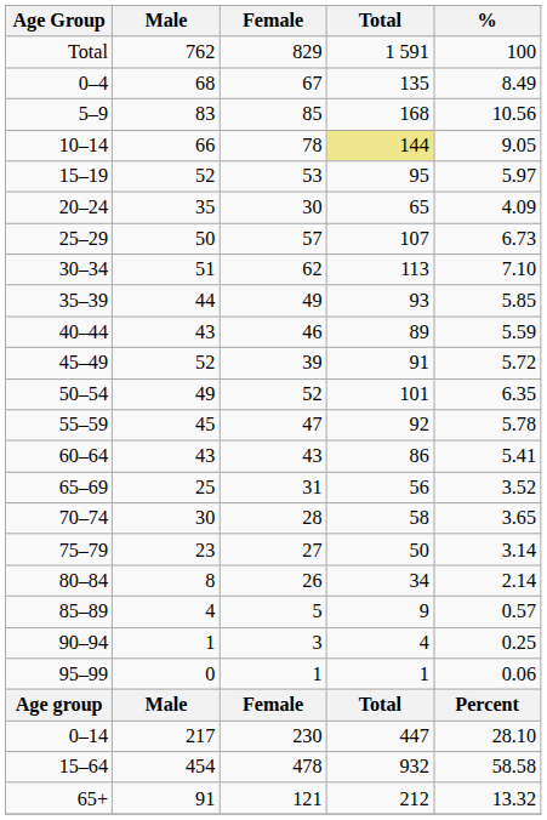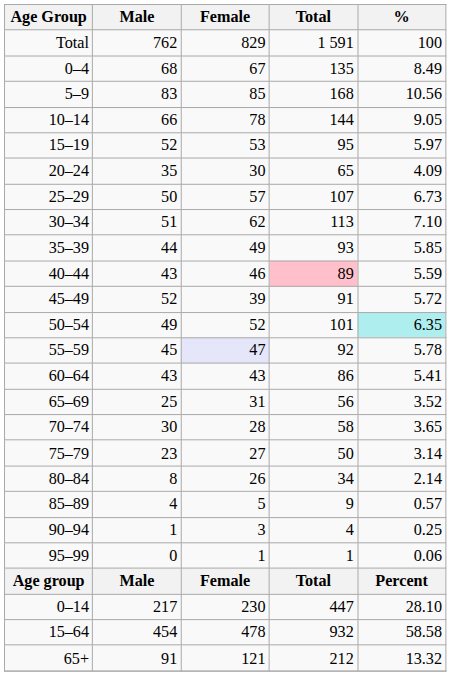 <table class="wikitable">
 <tr>
 <th width="80pt">Age Group</th>
 <th width="80pt">Male</th>
 <th width="80pt">Female</th>
 <th width="80pt">Total</th>
 <th width="80pt">%</th>
 </tr>
 <tr>
 <td align="right">Total</td>
 <td align="right">762</td>
 <td align="right">829</td>
 <td align="right">1 591</td>
 <td align="right">100</td>
 </tr>
 <tr>
 <td align="right">0–4</td>
 <td align="right">68</td>
 <td align="right">67</td>
 <td align="right">135</td>
 <td align="right">8.49</td>
 </tr>
 <tr>
 <td align="right">5–9</td>
 <td align="right">83</td>
 <td align="right">85</td>
 <td align="right">168</td>
 <td align="right">10.56</td>
 </tr>
 <tr>
 <td align="right">10–14</td>
 <td align="right">66</td>
 <td align="right">78</td>
-<td align="right" style="background: khaki;">144</td>
+<td align="right">144</td>
 <td align="right">9.05</td>
 </tr>
 <tr>
 <td align="right">15–19</td>
 <td align="right">52</td>
 <td align="right">53</td>
 <td align="right">95</td>
 <td align="right">5.97</td>
 </tr>
 <tr>
 <td align="right">20–24</td>
 <td align="right">35</td>
 <td align="right">30</td>
 <td align="right">65</td>
 <td align="right">4.09</td>
 </tr>
 <tr>
 <td align="right">25–29</td>
 <td align="right">50</td>
 <td align="right">57</td>
 <td align="right">107</td>
 <td align="right">6.73</td>
 </tr>
 <tr>
 <td align="right">30–34</td>
 <td align="right">51</td>
 <td align="right">62</td>
 <td align="right">113</td>
 <td align="right">7.10</td>
 </tr>
 <tr>
 <td align="right">35–39</td>
 <td align="right">44</td>
 <td align="right">49</td>
 <td align="right">93</td>
 <td align="right">5.85</td>
 </tr>
 <tr>
 <td align="right">40–44</td>
 <td align="right">43</td>
 <td align="right">46</td>
-<td align="right">89</td>
+<td align="right" style="background: pink;">89</td>
 <td align="right">5.59</td>
 </tr>
 <tr>
 <td align="right">45–49</td>
 <td align="right">52</td>
 <td align="right">39</td>
 <td align="right">91</td>
 <td align="right">5.72</td>
 </tr>
 <tr>
 <td align="right">50–54</td>
 <td align="right">49</td>
 <td align="right">52</td>
 <td align="right">101</td>
-<td align="right">6.35</td>
+<td align="right" style="background: paleturquoise;">6.35</td>
 </tr>
 <tr>
 <td align="right">55–59</td>
 <td align="right">45</td>
-<td align="right">47</td>
+<td align="right" style="background: lavender;">47</td>
 <td align="right">92</td>
 <td align="right">5.78</td>
 </tr>
 <tr>
 <td align="right">60–64</td>
 <td align="right">43</td>
 <td align="right">43</td>
 <td align="right">86</td>
 <td align="right">5.41</td>
 </tr>
 <tr>
 <td align="right">65–69</td>
 <td align="right">25</td>
 <td align="right">31</td>
 <td align="right">56</td>
 <td align="right">3.52</td>
 </tr>
 <tr>
 <td align="right">70–74</td>
 <td align="right">30</td>
 <td align="right">28</td>
 <td align="right">58</td>
 <td align="right">3.65</td>
 </tr>
 <tr>
 <td align="right">75–79</td>
 <td align="right">23</td>
 <td align="right">27</td>
 <td align="right">50</td>
 <td align="right">3.14</td>
 </tr>
 <tr>
 <td align="right">80–84</td>
 <td align="right">8</td>
 <td align="right">26</td>
 <td align="right">34</td>
 <td align="right">2.14</td>
 </tr>
 <tr>
 <td align="right">85–89</td>
 <td align="right">4</td>
 <td align="right">5</td>
 <td align="right">9</td>
 <td align="right">0.57</td>
 </tr>
 <tr>
 <td align="right">90–94</td>
 <td align="right">1</td>
 <td align="right">3</td>
 <td align="right">4</td>
 <td align="right">0.25</td>
 </tr>
 <tr>
 <td align="right">95–99</td>
 <td align="right">0</td>
 <td align="right">1</td>
 <td align="right">1</td>
 <td align="right">0.06</td>
 </tr>
 <tr>
 <th width="50">Age group</th>
 <th width="80pt">Male</th>
 <th width="80">Female</th>
 <th width="80">Total</th>
 <th width="50">Percent</th>
 </tr>
 <tr>
 <td align="right">0–14</td>
 <td align="right">217</td>
 <td align="right">230</td>
 <td align="right">447</td>
 <td align="right">28.10</td>
 </tr>
 <tr>
 <td align="right">15–64</td>
 <td align="right">454</td>
 <td align="right">478</td>
 <td align="right">932</td>
 <td align="right">58.58</td>
 </tr>
 <tr>
 <td align="right">65+</td>
 <td align="right">91</td>
 <td align="right">121</td>
 <td align="right">212</td>
 <td align="right">13.32</td>
 </tr>
 <tr>
 </tr>
 </table>
